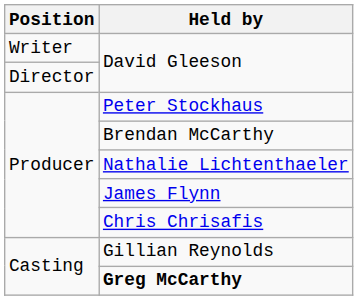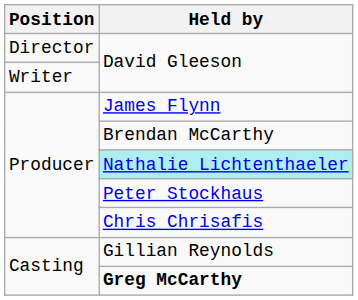 <table class="wikitable">
 <tr>
 <th>Position</th>
 <th>Held by</th>
 </tr>
 <tr>
-<td>Writer</td>
+<td>Director</td>
 <td rowspan = "2">David Gleeson</td>
 </tr>
 <tr>
-<td>Director</td>
+<td>Writer</td>
 </tr>
 <tr>
 <td rowspan = "5">Producer</td>
-<td><a href='#'>Peter Stockhaus</a></td>
+<td><a href='#'>James Flynn</a></td>
 </tr>
 <tr>
 <td>Brendan McCarthy</td>
 </tr>
 <tr>
-<td><a href='#'>Nathalie Lichtenthaeler</a></td>
+<td style="background: paleturquoise;"><a href='#'>Nathalie Lichtenthaeler</a></td>
 </tr>
 <tr>
-<td><a href='#'>James Flynn</a></td>
+<td><a href='#'>Peter Stockhaus</a></td>
 </tr>
 <tr>
 <td><a href='#'>Chris Chrisafis</a></td>
 </tr>
 <tr>
 <td rowspan = "2">Casting</td>
 <td>Gillian Reynolds</td>
 </tr>
 <tr>
 <td><strong>Greg McCarthy</strong></td>
 </tr>
 </table>
